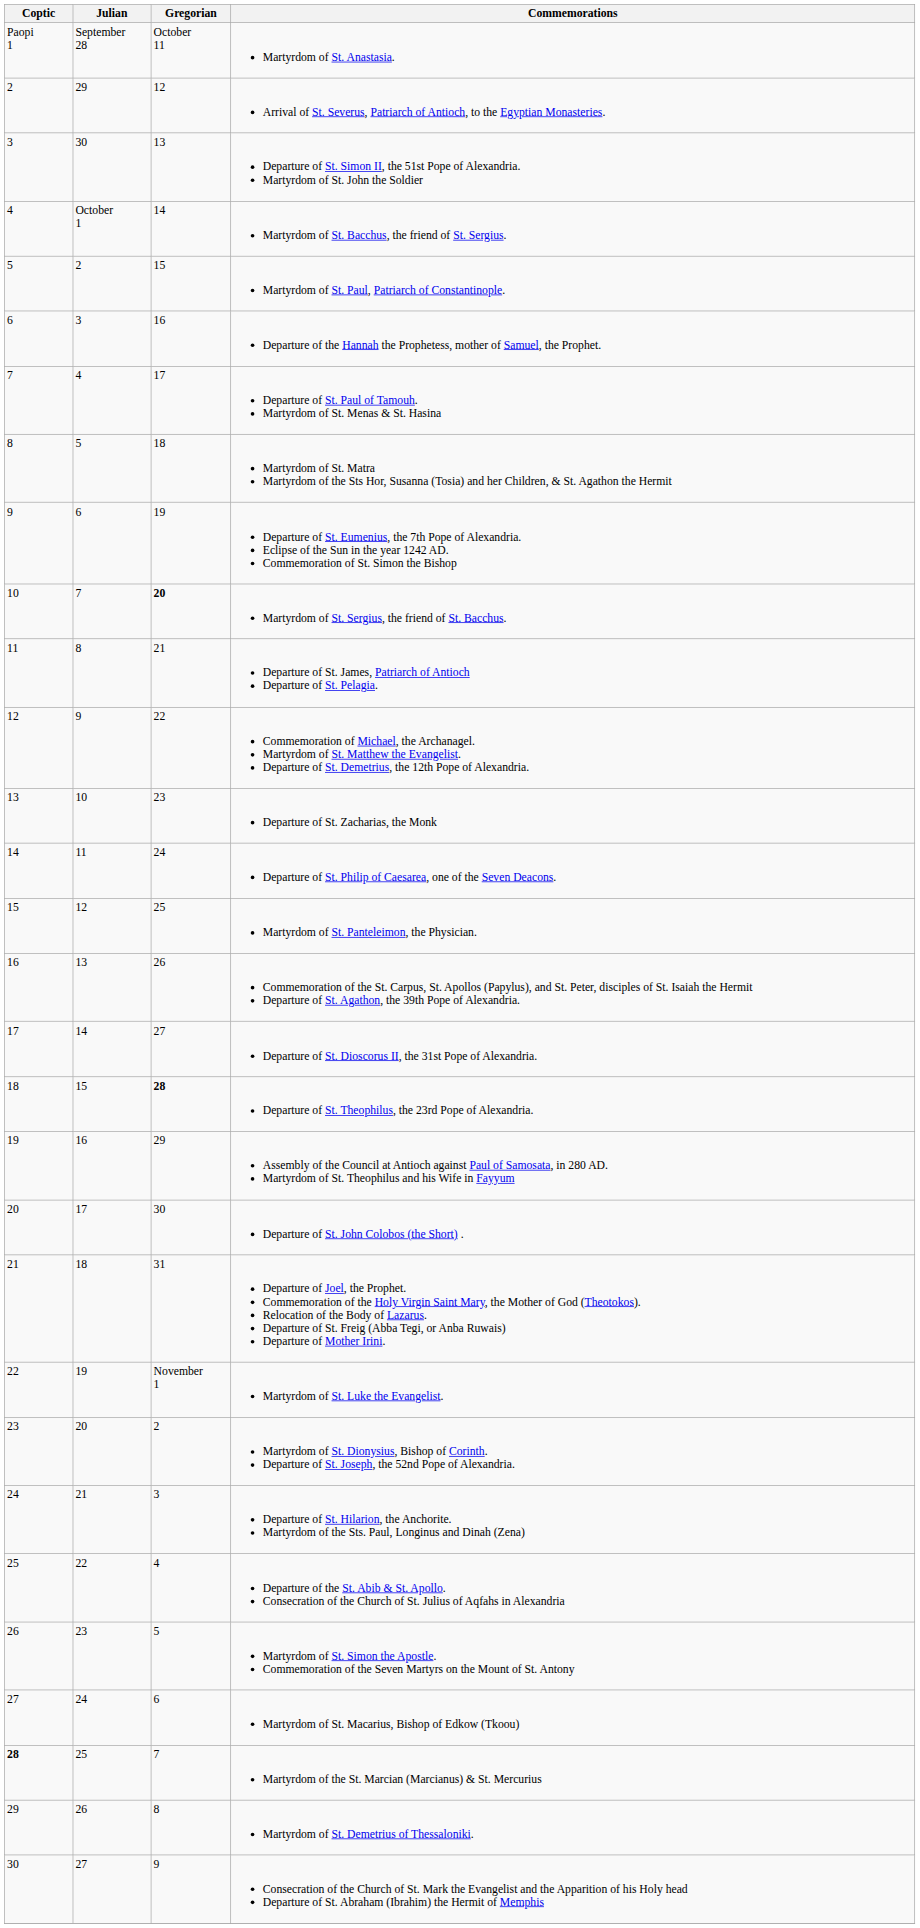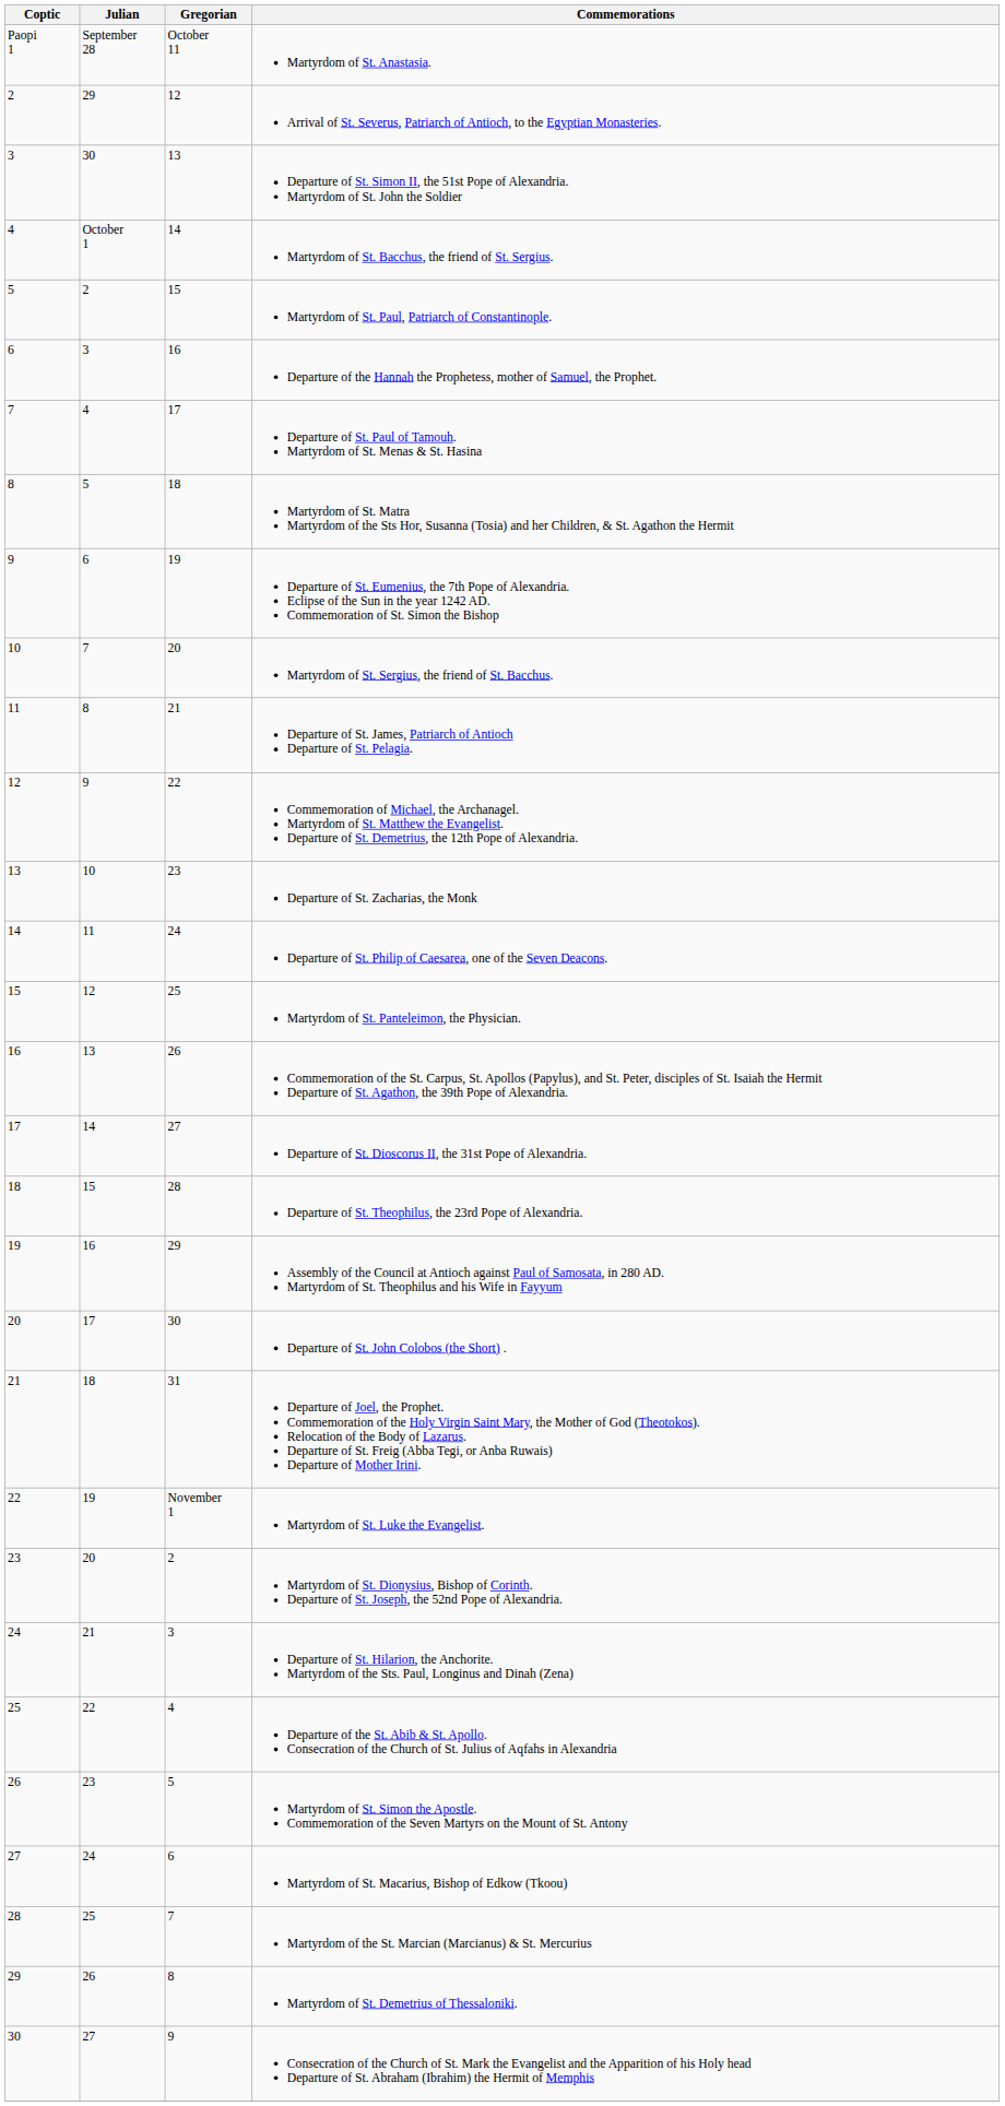 <table class="wikitable">
 <tr>
 <th style="width:5%;">Coptic</th>
 <th style="width:5%;">Julian</th>
 <th style="width:5%;">Gregorian</th>
 <th style="width:50%;">Commemorations</th>
 </tr>
 <tr valign="top">
 <td>Paopi<br>1</td>
 <td>September<br>28</td>
 <td>October<br>11</td>
 <td><br><ul><li>Martyrdom of <a href='#'>St. Anastasia</a>.</li></ul></td>
 </tr>
 <tr valign="top">
 <td>2</td>
 <td>29</td>
 <td>12</td>
 <td><br><ul><li>Arrival of <a href='#'>St. Severus</a>, <a href='#'>Patriarch of Antioch</a>, to the <a href='#'>Egyptian Monasteries</a>.</li></ul></td>
 </tr>
 <tr valign="top">
 <td>3</td>
 <td>30</td>
 <td>13</td>
 <td><br><ul><li>Departure of <a href='#'>St. Simon II</a>, the 51st Pope of Alexandria.</li><li>Martyrdom of St. John the Soldier</li></ul></td>
 </tr>
 <tr valign="top">
 <td>4</td>
 <td>October<br>1</td>
 <td>14</td>
 <td><br><ul><li>Martyrdom of <a href='#'>St. Bacchus</a>, the friend of <a href='#'>St. Sergius</a>.</li></ul></td>
 </tr>
 <tr valign="top">
 <td>5</td>
 <td>2</td>
 <td>15</td>
 <td><br><ul><li>Martyrdom of <a href='#'>St. Paul</a>, <a href='#'>Patriarch of Constantinople</a>.</li></ul></td>
 </tr>
 <tr valign="top">
 <td>6</td>
 <td>3</td>
 <td>16</td>
 <td><br><ul><li>Departure of the <a href='#'>Hannah</a> the Prophetess, mother of <a href='#'>Samuel</a>, the Prophet.</li></ul></td>
 </tr>
 <tr valign="top">
 <td>7</td>
 <td>4</td>
 <td>17</td>
 <td><br><ul><li>Departure of <a href='#'>St. Paul of Tamouh</a>.</li><li>Martyrdom of St. Menas & St. Hasina</li></ul></td>
 </tr>
 <tr valign="top">
 <td>8</td>
 <td>5</td>
 <td>18</td>
 <td><br><ul><li>Martyrdom of St. Matra</li><li>Martyrdom of the Sts Hor, Susanna (Tosia) and her Children, & St. Agathon the Hermit</li></ul></td>
 </tr>
 <tr valign="top">
 <td>9</td>
 <td>6</td>
 <td>19</td>
 <td><br><ul><li>Departure of <a href='#'>St. Eumenius</a>, the 7th Pope of Alexandria.</li><li>Eclipse of the Sun in the year 1242 AD.</li><li>Commemoration of St. Simon the Bishop</li></ul></td>
 </tr>
 <tr valign="top">
 <td>10</td>
 <td>7</td>
-<td><strong>20</strong></td>
+<td>20</td>
 <td><br><ul><li>Martyrdom of <a href='#'>St. Sergius</a>, the friend of <a href='#'>St. Bacchus</a>.</li></ul></td>
 </tr>
 <tr valign="top">
 <td>11</td>
 <td>8</td>
 <td>21</td>
 <td><br><ul><li>Departure of St. James, <a href='#'>Patriarch of Antioch</a></li><li>Departure of <a href='#'>St. Pelagia</a>.</li></ul></td>
 </tr>
 <tr valign="top">
 <td>12</td>
 <td>9</td>
 <td>22</td>
 <td><br><ul><li>Commemoration of <a href='#'>Michael</a>, the Archanagel.</li><li>Martyrdom of <a href='#'>St. Matthew the Evangelist</a>.</li><li>Departure of <a href='#'>St. Demetrius</a>, the 12th Pope of Alexandria.</li></ul></td>
 </tr>
 <tr valign="top">
 <td>13</td>
 <td>10</td>
 <td>23</td>
 <td><br><ul><li>Departure of St. Zacharias, the Monk</li></ul></td>
 </tr>
 <tr valign="top">
 <td>14</td>
 <td>11</td>
 <td>24</td>
 <td><br><ul><li>Departure of <a href='#'>St. Philip of Caesarea</a>,  one of the <a href='#'>Seven Deacons</a>.</li></ul></td>
 </tr>
 <tr valign="top">
 <td>15</td>
 <td>12</td>
 <td>25</td>
 <td><br><ul><li>Martyrdom of <a href='#'>St. Panteleimon</a>, the Physician.</li></ul></td>
 </tr>
 <tr valign="top">
 <td>16</td>
 <td>13</td>
 <td>26</td>
 <td><br><ul><li>Commemoration of the St. Carpus, St. Apollos (Papylus), and St. Peter, disciples of St. Isaiah the Hermit</li><li>Departure of <a href='#'>St. Agathon</a>, the 39th Pope of Alexandria.</li></ul></td>
 </tr>
 <tr valign="top">
 <td>17</td>
 <td>14</td>
 <td>27</td>
 <td><br><ul><li>Departure of <a href='#'>St. Dioscorus II</a>, the 31st Pope of Alexandria.</li></ul></td>
 </tr>
 <tr valign="top">
 <td>18</td>
 <td>15</td>
-<td><strong>28</strong></td>
+<td>28</td>
 <td><br><ul><li>Departure of <a href='#'>St. Theophilus</a>, the 23rd Pope of Alexandria.</li></ul></td>
 </tr>
 <tr valign="top">
 <td>19</td>
 <td>16</td>
 <td>29</td>
 <td><br><ul><li>Assembly of the Council at Antioch against <a href='#'>Paul of Samosata</a>, in 280 AD.</li><li>Martyrdom of St. Theophilus and his Wife in <a href='#'>Fayyum</a></li></ul></td>
 </tr>
 <tr valign="top">
 <td>20</td>
 <td>17</td>
 <td>30</td>
 <td><br><ul><li>Departure of <a href='#'>St. John Colobos (the Short)</a> .</li></ul></td>
 </tr>
 <tr valign="top">
 <td>21</td>
 <td>18</td>
 <td>31</td>
 <td><br><ul><li>Departure of <a href='#'>Joel</a>, the Prophet.</li><li>Commemoration of the <a href='#'>Holy Virgin Saint Mary</a>, the Mother of God (<a href='#'>Theotokos</a>).</li><li>Relocation of the Body of <a href='#'>Lazarus</a>.</li><li>Departure of St. Freig (Abba Tegi, or Anba Ruwais)</li><li>Departure of <a href='#'>Mother Irini</a>.</li></ul></td>
 </tr>
 <tr valign="top">
 <td>22</td>
 <td>19</td>
 <td>November<br>1</td>
 <td><br><ul><li>Martyrdom of <a href='#'>St. Luke the Evangelist</a>.</li></ul></td>
 </tr>
 <tr valign="top">
 <td>23</td>
 <td>20</td>
 <td>2</td>
 <td><br><ul><li>Martyrdom of <a href='#'>St. Dionysius</a>, Bishop of <a href='#'>Corinth</a>.</li><li>Departure of <a href='#'>St. Joseph</a>, the 52nd Pope of Alexandria.</li></ul></td>
 </tr>
 <tr valign="top">
 <td>24</td>
 <td>21</td>
 <td>3</td>
 <td><br><ul><li>Departure of <a href='#'>St. Hilarion</a>, the Anchorite.</li><li>Martyrdom of the Sts. Paul, Longinus and Dinah (Zena)</li></ul></td>
 </tr>
 <tr valign="top">
 <td>25</td>
 <td>22</td>
 <td>4</td>
 <td><br><ul><li>Departure of the <a href='#'>St. Abib & St. Apollo</a>.</li><li>Consecration of the Church of St. Julius of Aqfahs in Alexandria</li></ul></td>
 </tr>
 <tr valign="top">
 <td>26</td>
 <td>23</td>
 <td>5</td>
 <td><br><ul><li>Martyrdom of <a href='#'>St. Simon the Apostle</a>.</li><li>Commemoration of the Seven Martyrs on the Mount of St. Antony</li></ul></td>
 </tr>
 <tr valign="top">
 <td>27</td>
 <td>24</td>
 <td>6</td>
 <td><br><ul><li>Martyrdom of St. Macarius, Bishop of Edkow (Tkoou)</li></ul></td>
 </tr>
 <tr valign="top">
-<td><strong>28</strong></td>
+<td>28</td>
 <td>25</td>
 <td>7</td>
 <td><br><ul><li>Martyrdom of the St. Marcian (Marcianus) & St. Mercurius</li></ul></td>
 </tr>
 <tr valign="top">
 <td>29</td>
 <td>26</td>
 <td>8</td>
 <td><br><ul><li>Martyrdom of <a href='#'>St. Demetrius of Thessaloniki</a>.</li></ul></td>
 </tr>
 <tr valign="top">
 <td>30</td>
 <td>27</td>
 <td>9</td>
 <td><br><ul><li>Consecration of the Church of St. Mark the Evangelist and the Apparition of his Holy head</li><li>Departure of St. Abraham (Ibrahim) the Hermit of <a href='#'>Memphis</a></li></ul></td>
 </tr>
 <tr valign="top">
 </tr>
 </table>
